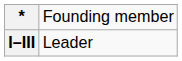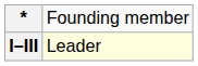 <table class="wikitable">
 <tr>
 <th>*</th>
 <td>Founding member</td>
 </tr>
 <tr>
 <th>I–III</th>
-<td>Leader</td>
+<td style="background: lightyellow;">Leader</td>
 </tr>
 </table>
